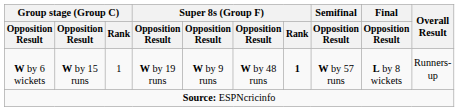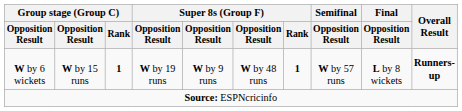 <table class=wikitable style=font-size:90%;text-align:center>
 <tr>
 <th colspan=3>Group stage (Group C)</th>
 <th colspan=4>Super 8s (Group F)</th>
 <th>Semifinal</th>
 <th>Final</th>
 <th rowspan=2>Overall Result</th>
 </tr>
 <tr style=font-size:95%>
 <th>Opposition<br>Result</th>
 <th>Opposition<br>Result</th>
 <th>Rank</th>
 <th>Opposition<br>Result</th>
 <th>Opposition<br>Result</th>
 <th>Opposition<br>Result</th>
 <th>Rank</th>
 <th>Opposition<br>Result</th>
 <th>Opposition<br>Result</th>
 </tr>
 <tr>
 <td><br><strong>W</strong> by 6 wickets</td>
 <td><br><strong>W</strong> by 15 runs</td>
-<td>1</td>
+<td><strong>1</strong></td>
 <td><br><strong>W</strong> by 19 runs</td>
 <td><br><strong>W</strong> by 9 runs</td>
 <td><br><strong>W</strong> by 48 runs</td>
 <td><strong>1</strong></td>
 <td><br><strong>W</strong> by 57 runs</td>
 <td><br><strong>L</strong> by 8 wickets</td>
-<td>Runners-up</td>
+<td><strong>Runners-up</strong></td>
 </tr>
 <tr>
 <td colspan="11"><strong>Source:</strong> ESPNcricinfo</td>
 </tr>
 </table>
